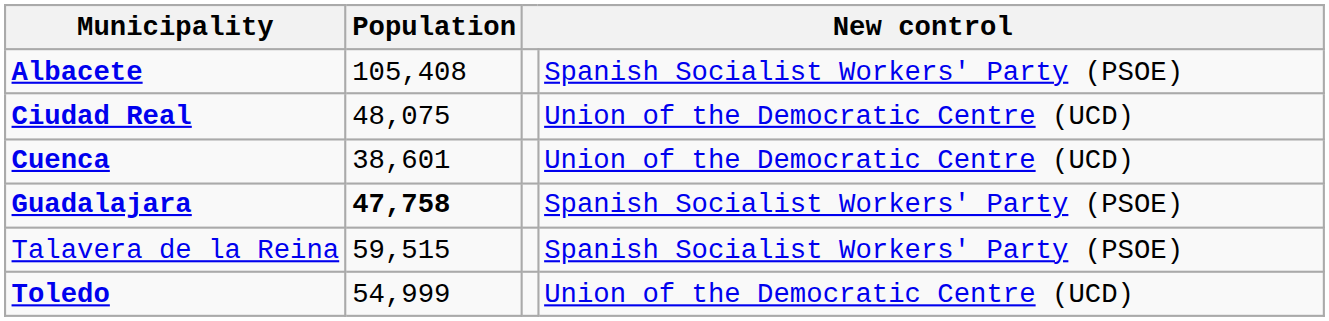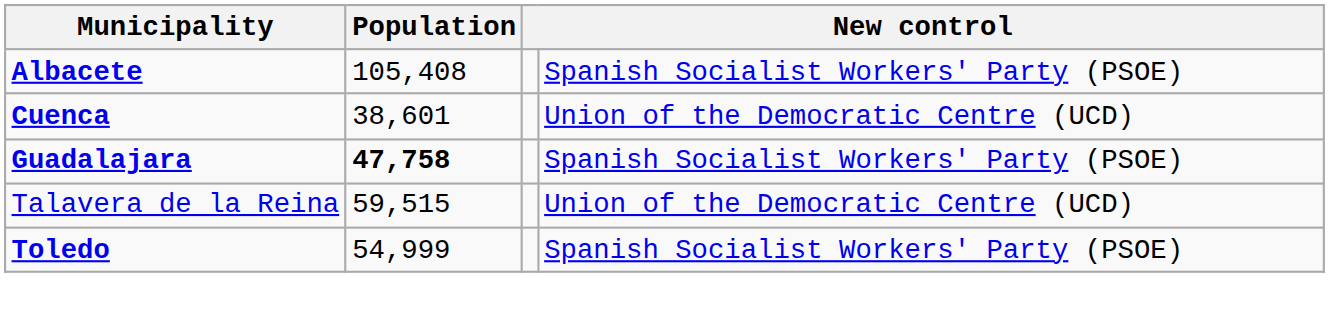 <table class="wikitable sortable">
 <tr>
 <th>Municipality</th>
 <th>Population</th>
 <th colspan="2" style="width:375px;">New control</th>
 </tr>
 <tr>
 <td><strong><a href='#'>Albacete</a></strong></td>
 <td>105,408</td>
 <td width="1" style="color:inherit;background:"></td>
 <td><a href='#'>Spanish Socialist Workers' Party</a> (PSOE)</td>
-</tr>
-<tr>
-<td><strong><a href='#'>Ciudad Real</a></strong></td>
-<td>48,075</td>
-<td style="color:inherit;background:"></td>
-<td><a href='#'>Union of the Democratic Centre</a> (UCD)</td>
 </tr>
 <tr>
 <td><strong><a href='#'>Cuenca</a></strong></td>
 <td>38,601</td>
 <td style="color:inherit;background:"></td>
 <td><a href='#'>Union of the Democratic Centre</a> (UCD)</td>
 </tr>
 <tr>
 <td><strong><a href='#'>Guadalajara</a></strong></td>
 <td><strong>47,758</strong></td>
 <td style="color:inherit;background:"></td>
 <td><a href='#'>Spanish Socialist Workers' Party</a> (PSOE)</td>
 </tr>
 <tr>
 <td><a href='#'>Talavera de la Reina</a></td>
 <td>59,515</td>
 <td style="color:inherit;background:"></td>
-<td><a href='#'>Spanish Socialist Workers' Party</a> (PSOE)</td>
+<td><a href='#'>Union of the Democratic Centre</a> (UCD)</td>
 </tr>
 <tr>
 <td><strong><a href='#'>Toledo</a></strong></td>
 <td>54,999</td>
 <td style="color:inherit;background:"></td>
-<td><a href='#'>Union of the Democratic Centre</a> (UCD)</td>
+<td><a href='#'>Spanish Socialist Workers' Party</a> (PSOE)</td>
 </tr>
 </table>
